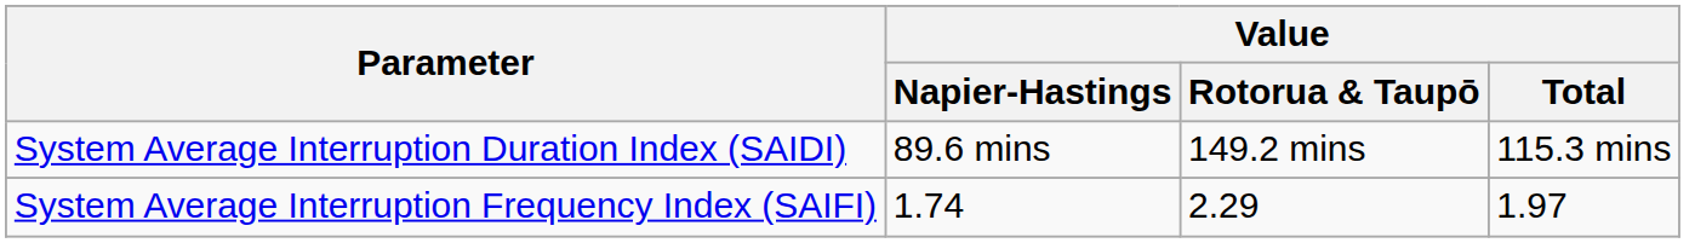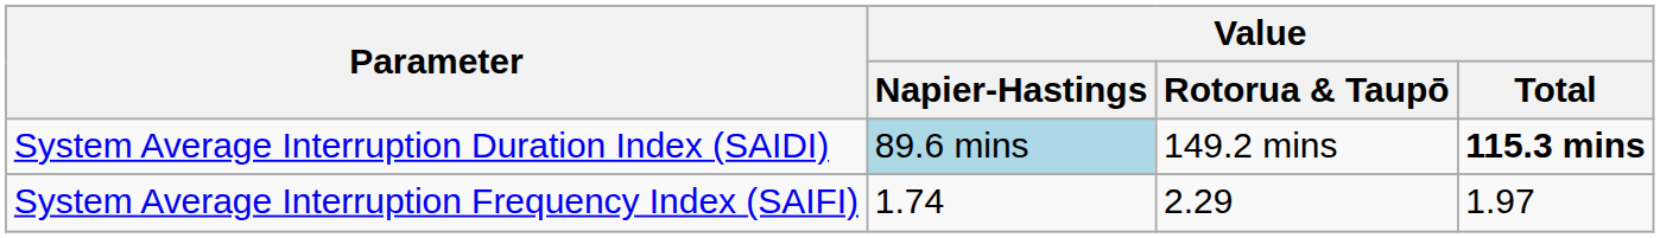 <table class="wikitable">
 <tr>
 <th rowspan=2>Parameter</th>
 <th colspan=3>Value</th>
 </tr>
 <tr>
 <th>Napier-Hastings</th>
 <th>Rotorua & Taupō</th>
 <th>Total</th>
 </tr>
 <tr>
 <td><a href='#'>System Average Interruption Duration Index (SAIDI)</a></td>
-<td>89.6 mins</td>
+<td style="background: lightblue;">89.6 mins</td>
 <td>149.2 mins</td>
-<td>115.3 mins</td>
+<td><strong>115.3 mins</strong></td>
 </tr>
 <tr>
 <td><a href='#'>System Average Interruption Frequency Index (SAIFI)</a></td>
 <td>1.74</td>
 <td>2.29</td>
 <td>1.97</td>
 </tr>
 </table>
